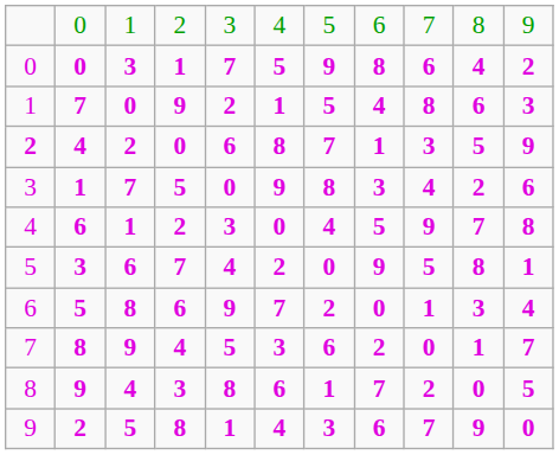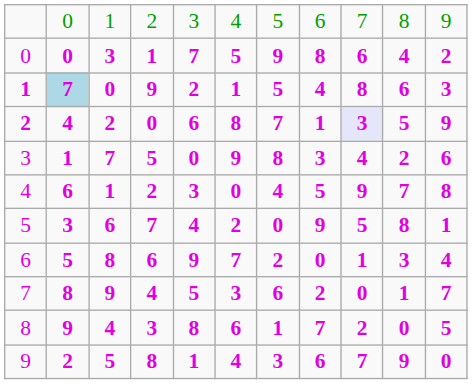 <table class="skin-invert wikitable" style="text-align:center;color:#E000E0">
 <tr style="color:#00A000">
 <td style="width:1.5em"></td>
 <td style="width:1.5em">0</td>
 <td style="width:1.5em">1</td>
 <td style="width:1.5em">2</td>
 <td style="width:1.5em">3</td>
 <td style="width:1.5em">4</td>
 <td style="width:1.5em">5</td>
 <td style="width:1.5em">6</td>
 <td style="width:1.5em">7</td>
 <td style="width:1.5em">8</td>
 <td style="width:1.5em">9</td>
 </tr>
 <tr>
 <td>0</td>
 <td><strong>0</strong></td>
 <td><strong>3</strong></td>
 <td><strong>1</strong></td>
 <td><strong>7</strong></td>
 <td><strong>5</strong></td>
 <td><strong>9</strong></td>
 <td><strong>8</strong></td>
 <td><strong>6</strong></td>
 <td><strong>4</strong></td>
 <td><strong>2</strong></td>
 </tr>
 <tr>
-<td>1</td>
-<td><strong>7</strong></td>
+<td><strong>1</strong></td>
+<td style="background: lightblue;"><strong>7</strong></td>
 <td><strong>0</strong></td>
 <td><strong>9</strong></td>
 <td><strong>2</strong></td>
 <td><strong>1</strong></td>
 <td><strong>5</strong></td>
 <td><strong>4</strong></td>
 <td><strong>8</strong></td>
 <td><strong>6</strong></td>
 <td><strong>3</strong></td>
 </tr>
 <tr>
 <td><strong>2</strong></td>
 <td><strong>4</strong></td>
 <td><strong>2</strong></td>
 <td><strong>0</strong></td>
 <td><strong>6</strong></td>
 <td><strong>8</strong></td>
 <td><strong>7</strong></td>
 <td><strong>1</strong></td>
-<td><strong>3</strong></td>
+<td style="background: lavender;"><strong>3</strong></td>
 <td><strong>5</strong></td>
 <td><strong>9</strong></td>
 </tr>
 <tr>
 <td>3</td>
 <td><strong>1</strong></td>
 <td><strong>7</strong></td>
 <td><strong>5</strong></td>
 <td><strong>0</strong></td>
 <td><strong>9</strong></td>
 <td><strong>8</strong></td>
 <td><strong>3</strong></td>
 <td><strong>4</strong></td>
 <td><strong>2</strong></td>
 <td><strong>6</strong></td>
 </tr>
 <tr>
 <td>4</td>
 <td><strong>6</strong></td>
 <td><strong>1</strong></td>
 <td><strong>2</strong></td>
 <td><strong>3</strong></td>
 <td><strong>0</strong></td>
 <td><strong>4</strong></td>
 <td><strong>5</strong></td>
 <td><strong>9</strong></td>
 <td><strong>7</strong></td>
 <td><strong>8</strong></td>
 </tr>
 <tr>
 <td>5</td>
 <td><strong>3</strong></td>
 <td><strong>6</strong></td>
 <td><strong>7</strong></td>
 <td><strong>4</strong></td>
 <td><strong>2</strong></td>
 <td><strong>0</strong></td>
 <td><strong>9</strong></td>
 <td><strong>5</strong></td>
 <td><strong>8</strong></td>
 <td><strong>1</strong></td>
 </tr>
 <tr>
 <td>6</td>
 <td><strong>5</strong></td>
 <td><strong>8</strong></td>
 <td><strong>6</strong></td>
 <td><strong>9</strong></td>
 <td><strong>7</strong></td>
 <td><strong>2</strong></td>
 <td><strong>0</strong></td>
 <td><strong>1</strong></td>
 <td><strong>3</strong></td>
 <td><strong>4</strong></td>
 </tr>
 <tr>
 <td>7</td>
 <td><strong>8</strong></td>
 <td><strong>9</strong></td>
 <td><strong>4</strong></td>
 <td><strong>5</strong></td>
 <td><strong>3</strong></td>
 <td><strong>6</strong></td>
 <td><strong>2</strong></td>
 <td><strong>0</strong></td>
 <td><strong>1</strong></td>
 <td><strong>7</strong></td>
 </tr>
 <tr>
 <td>8</td>
 <td><strong>9</strong></td>
 <td><strong>4</strong></td>
 <td><strong>3</strong></td>
 <td><strong>8</strong></td>
 <td><strong>6</strong></td>
 <td><strong>1</strong></td>
 <td><strong>7</strong></td>
 <td><strong>2</strong></td>
 <td><strong>0</strong></td>
 <td><strong>5</strong></td>
 </tr>
 <tr>
 <td>9</td>
 <td><strong>2</strong></td>
 <td><strong>5</strong></td>
 <td><strong>8</strong></td>
 <td><strong>1</strong></td>
 <td><strong>4</strong></td>
 <td><strong>3</strong></td>
 <td><strong>6</strong></td>
 <td><strong>7</strong></td>
 <td><strong>9</strong></td>
 <td><strong>0</strong></td>
 </tr>
 </table>
